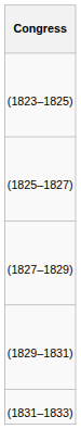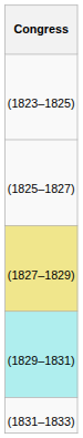 <table class="wikitable" style="float:left; margin:0; margin-right:-0.5px; margin-top:14px; text-align:center;">
 <tr style="white-space:nowrap; height:4.1em;">
 <th>Congress</th>
 </tr>
 <tr style="white-space:nowrap; height:7.2em;">
 <td><strong></strong><br>(1823–1825)</td>
 </tr>
 <tr style="white-space:nowrap; height:7.24em">
 <td><strong></strong><br>(1825–1827)</td>
 </tr>
 <tr style="white-space:nowrap; height:7.22em">
-<td><strong></strong><br>(1827–1829)</td>
+<td style="background: khaki;"><strong></strong><br>(1827–1829)</td>
 </tr>
 <tr style="white-space:nowrap; height:7.24em">
-<td><strong></strong><br>(1829–1831)</td>
+<td style="background: paleturquoise;"><strong></strong><br>(1829–1831)</td>
 </tr>
 <tr style="white-space:nowrap; height:3em">
 <td><strong></strong><br>(1831–1833)</td>
 </tr>
 </table>
